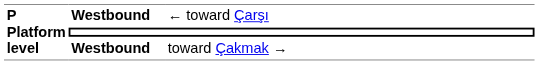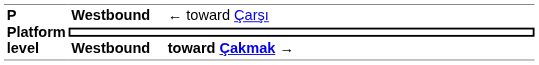 <table table border=0 cellspacing=0 cellpadding=3>
 <tr>
 <td style="border-top:solid 1px gray;border-bottom:solid 1px gray;" width=50 rowspan=3 valign=top><strong>P<br>Platform level</strong></td>
 <td style="border-top:solid 1px gray;" width=100><strong>Westbound</strong></td>
 <td style="border-top:solid 1px gray;" width=400>← toward <a href='#'>Çarşı</a></td>
 </tr>
 <tr>
 <td style="border-top:solid 2px black;border-right:solid 2px black;border-left:solid 2px black;border-bottom:solid 2px black;text-align:center;" colspan=2></td>
 </tr>
 <tr>
 <td style="border-bottom:solid 1px gray;"><strong>Westbound</strong></td>
-<td style="border-bottom:solid 1px gray;"> toward <a href='#'>Çakmak</a> →</td>
+<td style="border-bottom:solid 1px gray;"><strong> toward <a href='#'>Çakmak</a> →</strong></td>
 </tr>
 </table>
